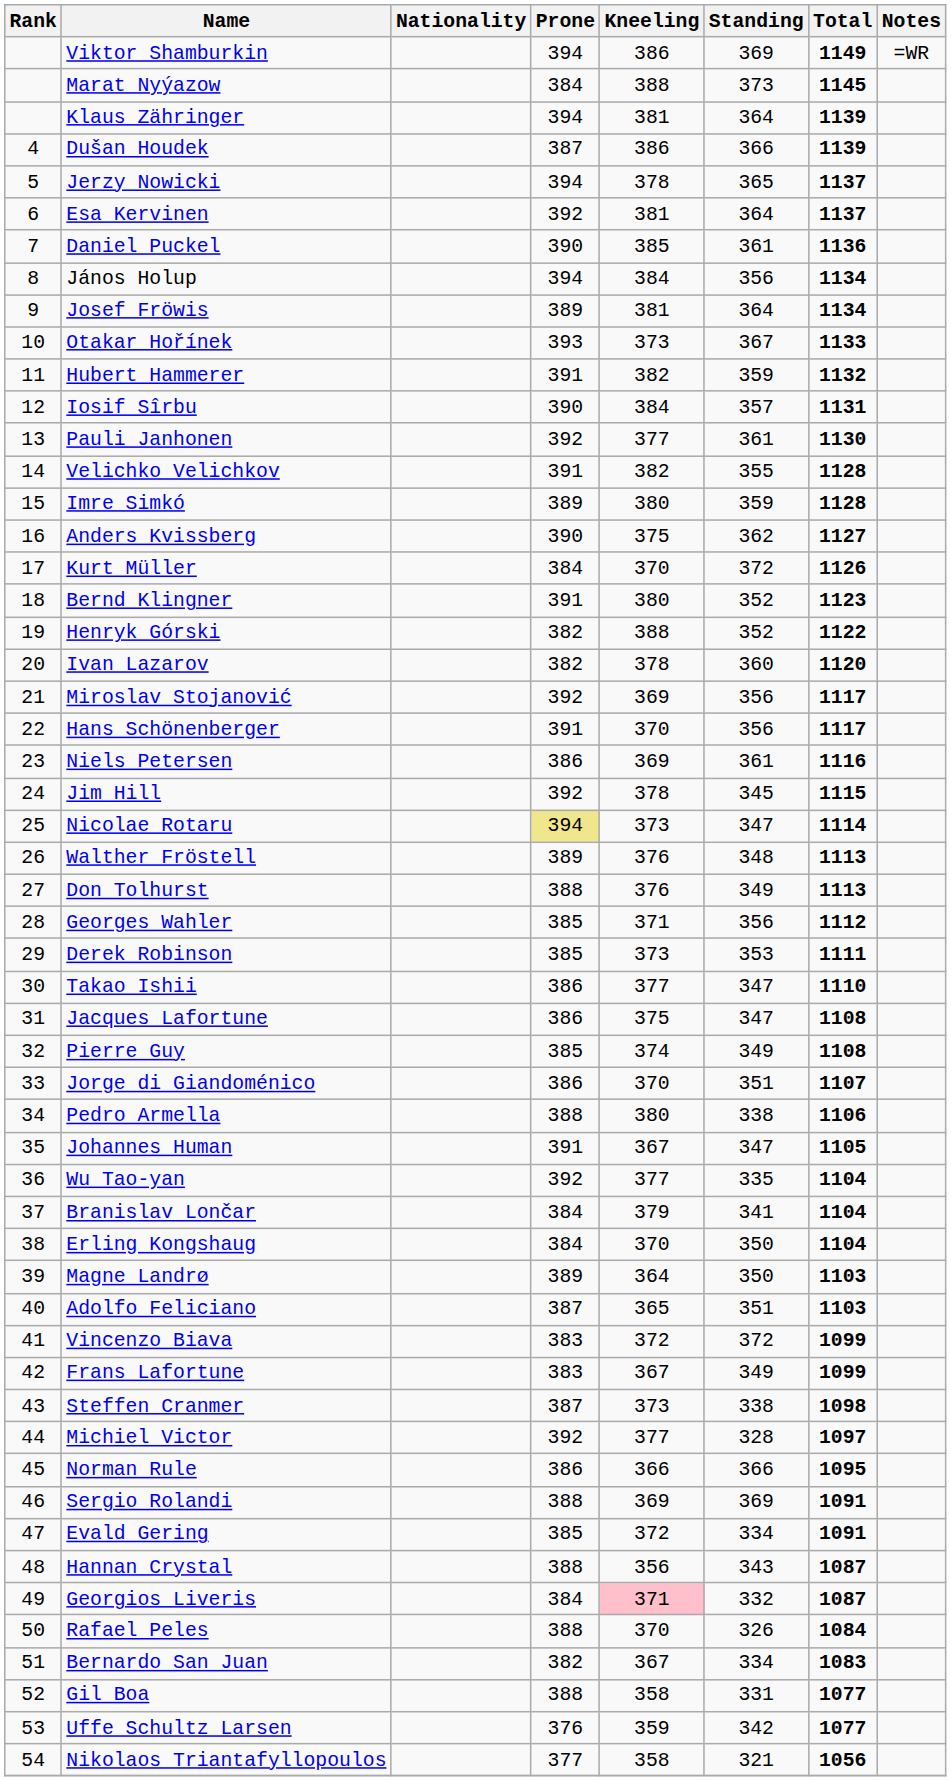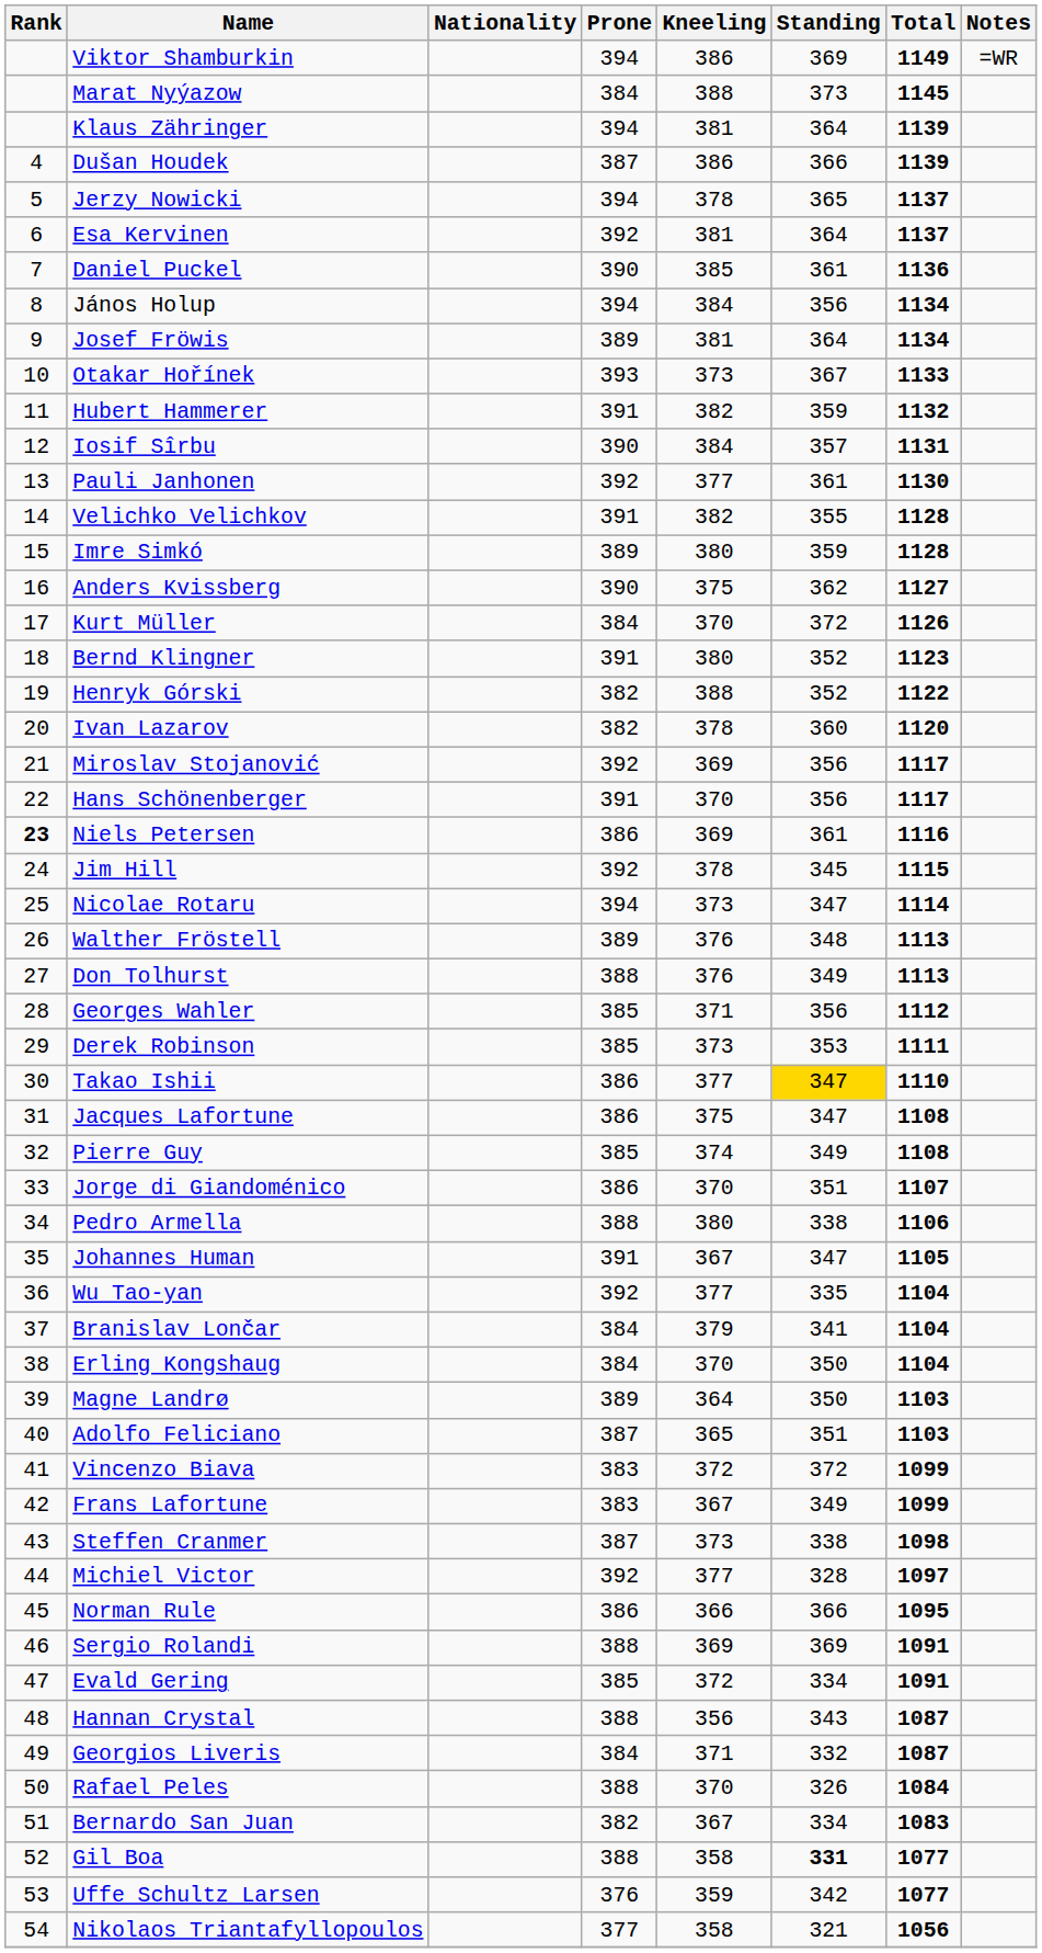 <table class="wikitable sortable" style="text-align:center">
 <tr>
 <th>Rank</th>
 <th>Name</th>
 <th>Nationality</th>
 <th>Prone</th>
 <th>Kneeling</th>
 <th>Standing</th>
 <th>Total</th>
 <th>Notes</th>
 </tr>
 <tr>
 <td></td>
 <td align=left><a href='#'>Viktor Shamburkin</a></td>
 <td align=left></td>
 <td>394</td>
 <td>386</td>
 <td>369</td>
 <td><strong>1149</strong></td>
 <td>=WR</td>
 </tr>
 <tr>
 <td></td>
 <td align=left><a href='#'>Marat Nyýazow</a></td>
 <td align=left></td>
 <td>384</td>
 <td>388</td>
 <td>373</td>
 <td><strong>1145</strong></td>
 <td></td>
 </tr>
 <tr>
 <td></td>
 <td align=left><a href='#'>Klaus Zähringer</a></td>
 <td align=left></td>
 <td>394</td>
 <td>381</td>
 <td>364</td>
 <td><strong>1139</strong></td>
 <td></td>
 </tr>
 <tr>
 <td>4</td>
 <td align=left><a href='#'>Dušan Houdek</a></td>
 <td align=left></td>
 <td>387</td>
 <td>386</td>
 <td>366</td>
 <td><strong>1139</strong></td>
 <td></td>
 </tr>
 <tr>
 <td>5</td>
 <td align=left><a href='#'>Jerzy Nowicki</a></td>
 <td align=left></td>
 <td>394</td>
 <td>378</td>
 <td>365</td>
 <td><strong>1137</strong></td>
 <td></td>
 </tr>
 <tr>
 <td>6</td>
 <td align=left><a href='#'>Esa Kervinen</a></td>
 <td align=left></td>
 <td>392</td>
 <td>381</td>
 <td>364</td>
 <td><strong>1137</strong></td>
 <td></td>
 </tr>
 <tr>
 <td>7</td>
 <td align=left><a href='#'>Daniel Puckel</a></td>
 <td align=left></td>
 <td>390</td>
 <td>385</td>
 <td>361</td>
 <td><strong>1136</strong></td>
 <td></td>
 </tr>
 <tr>
 <td>8</td>
 <td align=left>János Holup</td>
 <td align=left></td>
 <td>394</td>
 <td>384</td>
 <td>356</td>
 <td><strong>1134</strong></td>
 <td></td>
 </tr>
 <tr>
 <td>9</td>
 <td align=left><a href='#'>Josef Fröwis</a></td>
 <td align=left></td>
 <td>389</td>
 <td>381</td>
 <td>364</td>
 <td><strong>1134</strong></td>
 <td></td>
 </tr>
 <tr>
 <td>10</td>
 <td align=left><a href='#'>Otakar Hořínek</a></td>
 <td align=left></td>
 <td>393</td>
 <td>373</td>
 <td>367</td>
 <td><strong>1133</strong></td>
 <td></td>
 </tr>
 <tr>
 <td>11</td>
 <td align=left><a href='#'>Hubert Hammerer</a></td>
 <td align=left></td>
 <td>391</td>
 <td>382</td>
 <td>359</td>
 <td><strong>1132</strong></td>
 <td></td>
 </tr>
 <tr>
 <td>12</td>
 <td align=left><a href='#'>Iosif Sîrbu</a></td>
 <td align=left></td>
 <td>390</td>
 <td>384</td>
 <td>357</td>
 <td><strong>1131</strong></td>
 <td></td>
 </tr>
 <tr>
 <td>13</td>
 <td align=left><a href='#'>Pauli Janhonen</a></td>
 <td align=left></td>
 <td>392</td>
 <td>377</td>
 <td>361</td>
 <td><strong>1130</strong></td>
 <td></td>
 </tr>
 <tr>
 <td>14</td>
 <td align=left><a href='#'>Velichko Velichkov</a></td>
 <td align=left></td>
 <td>391</td>
 <td>382</td>
 <td>355</td>
 <td><strong>1128</strong></td>
 <td></td>
 </tr>
 <tr>
 <td>15</td>
 <td align=left><a href='#'>Imre Simkó</a></td>
 <td align=left></td>
 <td>389</td>
 <td>380</td>
 <td>359</td>
 <td><strong>1128</strong></td>
 <td></td>
 </tr>
 <tr>
 <td>16</td>
 <td align=left><a href='#'>Anders Kvissberg</a></td>
 <td align=left></td>
 <td>390</td>
 <td>375</td>
 <td>362</td>
 <td><strong>1127</strong></td>
 <td></td>
 </tr>
 <tr>
 <td>17</td>
 <td align=left><a href='#'>Kurt Müller</a></td>
 <td align=left></td>
 <td>384</td>
 <td>370</td>
 <td>372</td>
 <td><strong>1126</strong></td>
 <td></td>
 </tr>
 <tr>
 <td>18</td>
 <td align=left><a href='#'>Bernd Klingner</a></td>
 <td align=left></td>
 <td>391</td>
 <td>380</td>
 <td>352</td>
 <td><strong>1123</strong></td>
 <td></td>
 </tr>
 <tr>
 <td>19</td>
 <td align=left><a href='#'>Henryk Górski</a></td>
 <td align=left></td>
 <td>382</td>
 <td>388</td>
 <td>352</td>
 <td><strong>1122</strong></td>
 <td></td>
 </tr>
 <tr>
 <td>20</td>
 <td align=left><a href='#'>Ivan Lazarov</a></td>
 <td align=left></td>
 <td>382</td>
 <td>378</td>
 <td>360</td>
 <td><strong>1120</strong></td>
 <td></td>
 </tr>
 <tr>
 <td>21</td>
 <td align=left><a href='#'>Miroslav Stojanović</a></td>
 <td align=left></td>
 <td>392</td>
 <td>369</td>
 <td>356</td>
 <td><strong>1117</strong></td>
 <td></td>
 </tr>
 <tr>
 <td>22</td>
 <td align=left><a href='#'>Hans Schönenberger</a></td>
 <td align=left></td>
 <td>391</td>
 <td>370</td>
 <td>356</td>
 <td><strong>1117</strong></td>
 <td></td>
 </tr>
 <tr>
-<td>23</td>
+<td><strong>23</strong></td>
 <td align=left><a href='#'>Niels Petersen</a></td>
 <td align=left></td>
 <td>386</td>
 <td>369</td>
 <td>361</td>
 <td><strong>1116</strong></td>
 <td></td>
 </tr>
 <tr>
 <td>24</td>
 <td align=left><a href='#'>Jim Hill</a></td>
 <td align=left></td>
 <td>392</td>
 <td>378</td>
 <td>345</td>
 <td><strong>1115</strong></td>
 <td></td>
 </tr>
 <tr>
 <td>25</td>
 <td align=left><a href='#'>Nicolae Rotaru</a></td>
 <td align=left></td>
-<td style="background: khaki;">394</td>
+<td>394</td>
 <td>373</td>
 <td>347</td>
 <td><strong>1114</strong></td>
 <td></td>
 </tr>
 <tr>
 <td>26</td>
 <td align=left><a href='#'>Walther Fröstell</a></td>
 <td align=left></td>
 <td>389</td>
 <td>376</td>
 <td>348</td>
 <td><strong>1113</strong></td>
 <td></td>
 </tr>
 <tr>
 <td>27</td>
 <td align=left><a href='#'>Don Tolhurst</a></td>
 <td align=left></td>
 <td>388</td>
 <td>376</td>
 <td>349</td>
 <td><strong>1113</strong></td>
 <td></td>
 </tr>
 <tr>
 <td>28</td>
 <td align=left><a href='#'>Georges Wahler</a></td>
 <td align=left></td>
 <td>385</td>
 <td>371</td>
 <td>356</td>
 <td><strong>1112</strong></td>
 <td></td>
 </tr>
 <tr>
 <td>29</td>
 <td align=left><a href='#'>Derek Robinson</a></td>
 <td align=left></td>
 <td>385</td>
 <td>373</td>
 <td>353</td>
 <td><strong>1111</strong></td>
 <td></td>
 </tr>
 <tr>
 <td>30</td>
 <td align=left><a href='#'>Takao Ishii</a></td>
 <td align=left></td>
 <td>386</td>
 <td>377</td>
-<td>347</td>
+<td style="background: gold;">347</td>
 <td><strong>1110</strong></td>
 <td></td>
 </tr>
 <tr>
 <td>31</td>
 <td align=left><a href='#'>Jacques Lafortune</a></td>
 <td align=left></td>
 <td>386</td>
 <td>375</td>
 <td>347</td>
 <td><strong>1108</strong></td>
 <td></td>
 </tr>
 <tr>
 <td>32</td>
 <td align=left><a href='#'>Pierre Guy</a></td>
 <td align=left></td>
 <td>385</td>
 <td>374</td>
 <td>349</td>
 <td><strong>1108</strong></td>
 <td></td>
 </tr>
 <tr>
 <td>33</td>
 <td align=left><a href='#'>Jorge di Giandoménico</a></td>
 <td align=left></td>
 <td>386</td>
 <td>370</td>
 <td>351</td>
 <td><strong>1107</strong></td>
 <td></td>
 </tr>
 <tr>
 <td>34</td>
 <td align=left><a href='#'>Pedro Armella</a></td>
 <td align=left></td>
 <td>388</td>
 <td>380</td>
 <td>338</td>
 <td><strong>1106</strong></td>
 <td></td>
 </tr>
 <tr>
 <td>35</td>
 <td align=left><a href='#'>Johannes Human</a></td>
 <td align=left></td>
 <td>391</td>
 <td>367</td>
 <td>347</td>
 <td><strong>1105</strong></td>
 <td></td>
 </tr>
 <tr>
 <td>36</td>
 <td align=left><a href='#'>Wu Tao-yan</a></td>
 <td align=left></td>
 <td>392</td>
 <td>377</td>
 <td>335</td>
 <td><strong>1104</strong></td>
 <td></td>
 </tr>
 <tr>
 <td>37</td>
 <td align=left><a href='#'>Branislav Lončar</a></td>
 <td align=left></td>
 <td>384</td>
 <td>379</td>
 <td>341</td>
 <td><strong>1104</strong></td>
 <td></td>
 </tr>
 <tr>
 <td>38</td>
 <td align=left><a href='#'>Erling Kongshaug</a></td>
 <td align=left></td>
 <td>384</td>
 <td>370</td>
 <td>350</td>
 <td><strong>1104</strong></td>
 <td></td>
 </tr>
 <tr>
 <td>39</td>
 <td align=left><a href='#'>Magne Landrø</a></td>
 <td align=left></td>
 <td>389</td>
 <td>364</td>
 <td>350</td>
 <td><strong>1103</strong></td>
 <td></td>
 </tr>
 <tr>
 <td>40</td>
 <td align=left><a href='#'>Adolfo Feliciano</a></td>
 <td align=left></td>
 <td>387</td>
 <td>365</td>
 <td>351</td>
 <td><strong>1103</strong></td>
 <td></td>
 </tr>
 <tr>
 <td>41</td>
 <td align=left><a href='#'>Vincenzo Biava</a></td>
 <td align=left></td>
 <td>383</td>
 <td>372</td>
 <td>372</td>
 <td><strong>1099</strong></td>
 <td></td>
 </tr>
 <tr>
 <td>42</td>
 <td align=left><a href='#'>Frans Lafortune</a></td>
 <td align=left></td>
 <td>383</td>
 <td>367</td>
 <td>349</td>
 <td><strong>1099</strong></td>
 <td></td>
 </tr>
 <tr>
 <td>43</td>
 <td align=left><a href='#'>Steffen Cranmer</a></td>
 <td align=left></td>
 <td>387</td>
 <td>373</td>
 <td>338</td>
 <td><strong>1098</strong></td>
 <td></td>
 </tr>
 <tr>
 <td>44</td>
 <td align=left><a href='#'>Michiel Victor</a></td>
 <td align=left></td>
 <td>392</td>
 <td>377</td>
 <td>328</td>
 <td><strong>1097</strong></td>
 <td></td>
 </tr>
 <tr>
 <td>45</td>
 <td align=left><a href='#'>Norman Rule</a></td>
 <td align=left></td>
 <td>386</td>
 <td>366</td>
 <td>366</td>
 <td><strong>1095</strong></td>
 <td></td>
 </tr>
 <tr>
 <td>46</td>
 <td align=left><a href='#'>Sergio Rolandi</a></td>
 <td align=left></td>
 <td>388</td>
 <td>369</td>
 <td>369</td>
 <td><strong>1091</strong></td>
 <td></td>
 </tr>
 <tr>
 <td>47</td>
 <td align=left><a href='#'>Evald Gering</a></td>
 <td align=left></td>
 <td>385</td>
 <td>372</td>
 <td>334</td>
 <td><strong>1091</strong></td>
 <td></td>
 </tr>
 <tr>
 <td>48</td>
 <td align=left><a href='#'>Hannan Crystal</a></td>
 <td align=left></td>
 <td>388</td>
 <td>356</td>
 <td>343</td>
 <td><strong>1087</strong></td>
 <td></td>
 </tr>
 <tr>
 <td>49</td>
 <td align=left><a href='#'>Georgios Liveris</a></td>
 <td align=left></td>
 <td>384</td>
-<td style="background: pink;">371</td>
+<td>371</td>
 <td>332</td>
 <td><strong>1087</strong></td>
 <td></td>
 </tr>
 <tr>
 <td>50</td>
 <td align=left><a href='#'>Rafael Peles</a></td>
 <td align=left></td>
 <td>388</td>
 <td>370</td>
 <td>326</td>
 <td><strong>1084</strong></td>
 <td></td>
 </tr>
 <tr>
 <td>51</td>
 <td align=left><a href='#'>Bernardo San Juan</a></td>
 <td align=left></td>
 <td>382</td>
 <td>367</td>
 <td>334</td>
 <td><strong>1083</strong></td>
 <td></td>
 </tr>
 <tr>
 <td>52</td>
 <td align=left><a href='#'>Gil Boa</a></td>
 <td align=left></td>
 <td>388</td>
 <td>358</td>
-<td>331</td>
+<td><strong>331</strong></td>
 <td><strong>1077</strong></td>
 <td></td>
 </tr>
 <tr>
 <td>53</td>
 <td align=left><a href='#'>Uffe Schultz Larsen</a></td>
 <td align=left></td>
 <td>376</td>
 <td>359</td>
 <td>342</td>
 <td><strong>1077</strong></td>
 <td></td>
 </tr>
 <tr>
 <td>54</td>
 <td align=left><a href='#'>Nikolaos Triantafyllopoulos</a></td>
 <td align=left></td>
 <td>377</td>
 <td>358</td>
 <td>321</td>
 <td><strong>1056</strong></td>
 <td></td>
 </tr>
 <tr>
 </tr>
 </table>
